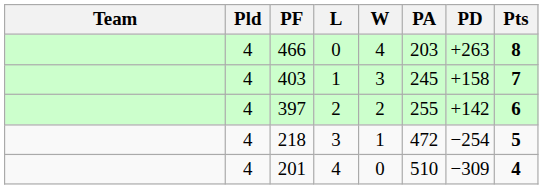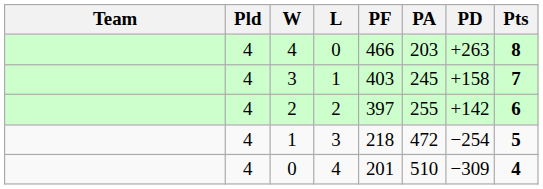 <table class=wikitable style="text-align:center">
 <tr>
 <th width=180>Team</th>
 <th width=30>Pld</th>
+<th width=30>W</th>
+<th width=30>L</th>
 <th width=30>PF</th>
-<th width=30>L</th>
-<th width=30>W</th>
 <th width=30>PA</th>
 <th width=30>PD</th>
 <th width=30>Pts</th>
 </tr>
 <tr align=center bgcolor="#ccffcc">
 <td align=left></td>
 <td>4</td>
+<td>4</td>
+<td>0</td>
 <td>466</td>
-<td>0</td>
-<td>4</td>
 <td>203</td>
 <td>+263</td>
 <td><strong>8</strong></td>
 </tr>
 <tr align=center bgcolor="#ccffcc">
 <td align=left></td>
 <td>4</td>
+<td>3</td>
+<td>1</td>
 <td>403</td>
-<td>1</td>
-<td>3</td>
 <td>245</td>
 <td>+158</td>
 <td><strong>7</strong></td>
 </tr>
 <tr align=center bgcolor="#ccffcc">
 <td align=left></td>
 <td>4</td>
-<td>397</td>
 <td>2</td>
 <td>2</td>
+<td>397</td>
 <td>255</td>
 <td>+142</td>
 <td><strong>6</strong></td>
 </tr>
 <tr align=center>
 <td align=left></td>
 <td>4</td>
+<td>1</td>
+<td>3</td>
 <td>218</td>
-<td>3</td>
-<td>1</td>
 <td>472</td>
 <td>−254</td>
 <td><strong>5</strong></td>
 </tr>
 <tr align=center>
 <td align=left></td>
 <td>4</td>
+<td>0</td>
+<td>4</td>
 <td>201</td>
-<td>4</td>
-<td>0</td>
 <td>510</td>
 <td>−309</td>
 <td><strong>4</strong></td>
 </tr>
 </table>
